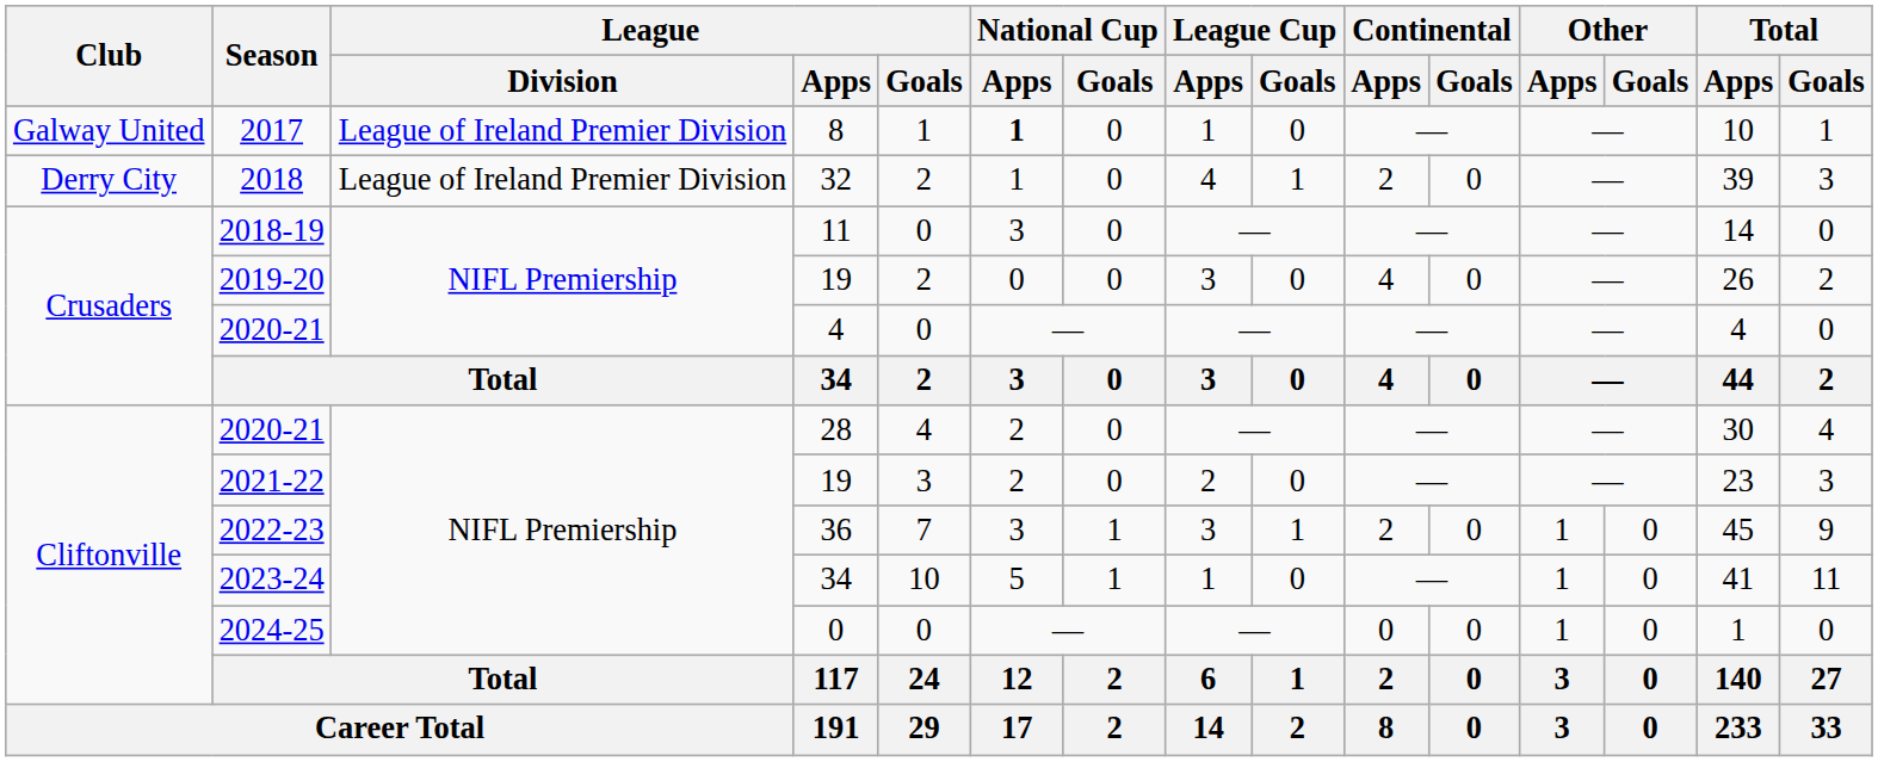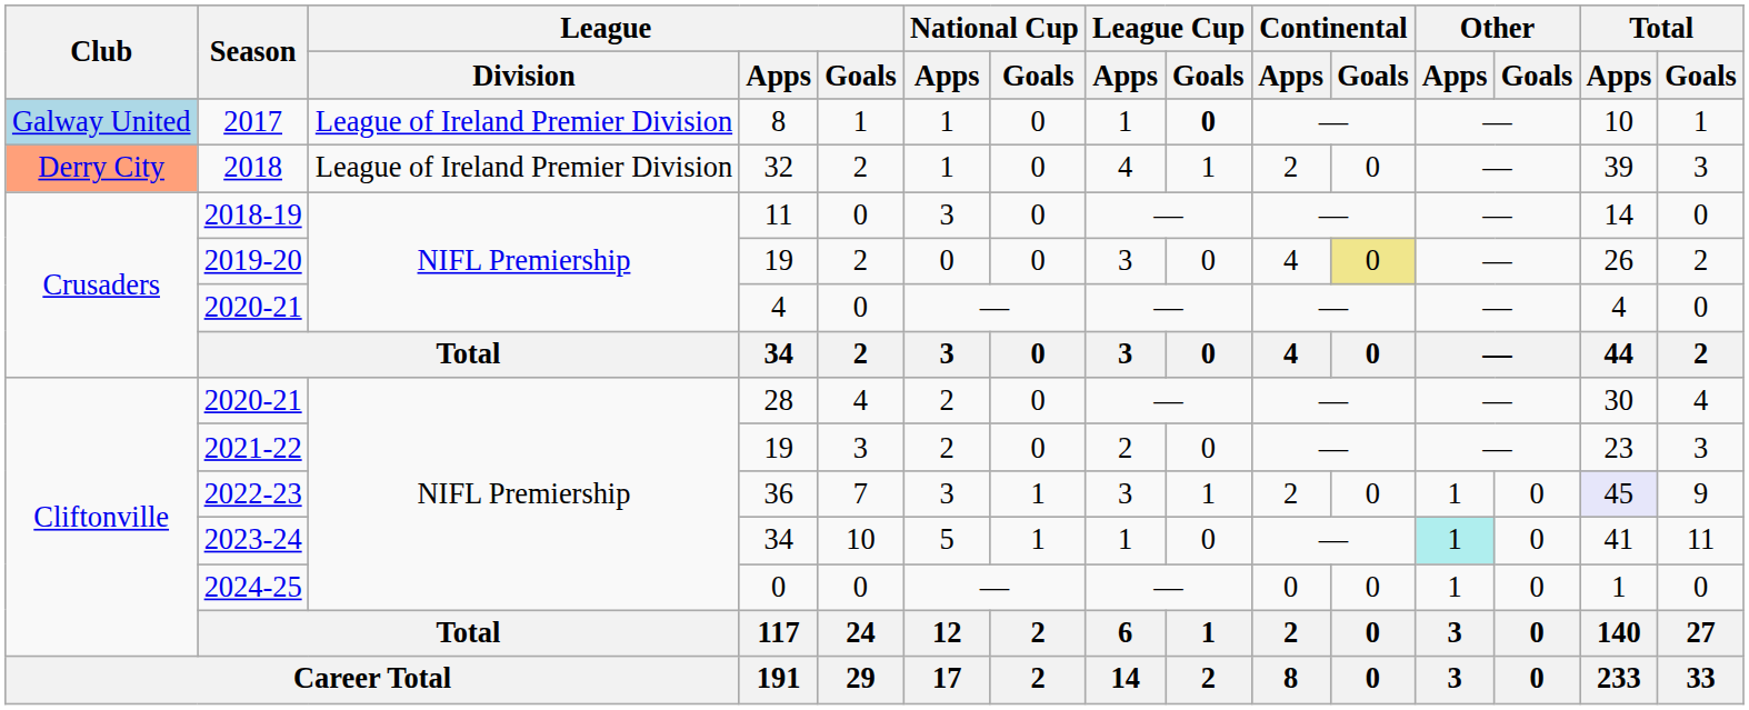 <table class="wikitable" style="text-align: center">
 <tr>
 <th rowspan="2">Club</th>
 <th rowspan="2">Season</th>
 <th colspan="3">League</th>
 <th colspan="2">National Cup</th>
 <th colspan="2">League Cup</th>
 <th colspan="2">Continental</th>
 <th colspan="2">Other</th>
 <th colspan="2">Total</th>
 </tr>
 <tr>
 <th>Division</th>
 <th>Apps</th>
 <th>Goals</th>
 <th>Apps</th>
 <th>Goals</th>
 <th>Apps</th>
 <th>Goals</th>
 <th>Apps</th>
 <th>Goals</th>
 <th>Apps</th>
 <th>Goals</th>
 <th>Apps</th>
 <th>Goals</th>
 </tr>
 <tr>
-<td><a href='#'>Galway United</a></td>
+<td style="background: lightblue;"><a href='#'>Galway United</a></td>
 <td><a href='#'>2017</a></td>
 <td><a href='#'>League of Ireland Premier Division</a></td>
 <td>8</td>
 <td>1</td>
-<td><strong>1</strong></td>
+<td>1</td>
 <td>0</td>
 <td>1</td>
-<td>0</td>
+<td><strong>0</strong></td>
 <td colspan="2">—</td>
 <td colspan="2">—</td>
 <td>10</td>
 <td>1</td>
 </tr>
 <tr>
-<td><a href='#'>Derry City</a></td>
+<td style="background: lightsalmon;"><a href='#'>Derry City</a></td>
 <td><a href='#'>2018</a></td>
 <td>League of Ireland Premier Division</td>
 <td>32</td>
 <td>2</td>
 <td>1</td>
 <td>0</td>
 <td>4</td>
 <td>1</td>
 <td>2</td>
 <td>0</td>
 <td colspan="2">—</td>
 <td>39</td>
 <td>3</td>
 </tr>
 <tr>
 <td rowspan="4"><a href='#'>Crusaders</a></td>
 <td><a href='#'>2018-19</a></td>
 <td rowspan="3"><a href='#'>NIFL Premiership</a></td>
 <td>11</td>
 <td>0</td>
 <td>3</td>
 <td>0</td>
 <td colspan="2">—</td>
 <td colspan="2">—</td>
 <td colspan="2">—</td>
 <td>14</td>
 <td>0</td>
 </tr>
 <tr>
 <td><a href='#'>2019-20</a></td>
 <td>19</td>
 <td>2</td>
 <td>0</td>
 <td>0</td>
 <td>3</td>
 <td>0</td>
 <td>4</td>
-<td>0</td>
+<td style="background: khaki;">0</td>
 <td colspan="2">—</td>
 <td>26</td>
 <td>2</td>
 </tr>
 <tr>
 <td><a href='#'>2020-21</a></td>
 <td>4</td>
 <td>0</td>
 <td colspan="2">—</td>
 <td colspan="2">—</td>
 <td colspan="2">—</td>
 <td colspan="2">—</td>
 <td>4</td>
 <td>0</td>
 </tr>
 <tr>
 <th colspan="2">Total</th>
 <th>34</th>
 <th>2</th>
 <th>3</th>
 <th>0</th>
 <th>3</th>
 <th>0</th>
 <th>4</th>
 <th>0</th>
 <th colspan="2">—</th>
 <th>44</th>
 <th>2</th>
 </tr>
 <tr>
 <td rowspan="6"><a href='#'>Cliftonville</a></td>
 <td><a href='#'>2020-21</a></td>
 <td rowspan="5">NIFL Premiership</td>
 <td>28</td>
 <td>4</td>
 <td>2</td>
 <td>0</td>
 <td colspan="2">—</td>
 <td colspan="2">—</td>
 <td colspan="2">—</td>
 <td>30</td>
 <td>4</td>
 </tr>
 <tr>
 <td><a href='#'>2021-22</a></td>
 <td>19</td>
 <td>3</td>
 <td>2</td>
 <td>0</td>
 <td>2</td>
 <td>0</td>
 <td colspan="2">—</td>
 <td colspan="2">—</td>
 <td>23</td>
 <td>3</td>
 </tr>
 <tr>
 <td><a href='#'>2022-23</a></td>
 <td>36</td>
 <td>7</td>
 <td>3</td>
 <td>1</td>
 <td>3</td>
 <td>1</td>
 <td>2</td>
 <td>0</td>
 <td>1</td>
 <td>0</td>
-<td>45</td>
+<td style="background: lavender;">45</td>
 <td>9</td>
 </tr>
 <tr>
 <td><a href='#'>2023-24</a></td>
 <td>34</td>
 <td>10</td>
 <td>5</td>
 <td>1</td>
 <td>1</td>
 <td>0</td>
 <td colspan="2">—</td>
-<td>1</td>
+<td style="background: paleturquoise;">1</td>
 <td>0</td>
 <td>41</td>
 <td>11</td>
 </tr>
 <tr>
 <td><a href='#'>2024-25</a></td>
 <td>0</td>
 <td>0</td>
 <td colspan="2">—</td>
 <td colspan="2">—</td>
 <td>0</td>
 <td>0</td>
 <td>1</td>
 <td>0</td>
 <td>1</td>
 <td>0</td>
 </tr>
 <tr>
 <th colspan="2">Total</th>
 <th>117</th>
 <th>24</th>
 <th>12</th>
 <th>2</th>
 <th>6</th>
 <th>1</th>
 <th>2</th>
 <th>0</th>
 <th>3</th>
 <th>0</th>
 <th>140</th>
 <th>27</th>
 </tr>
 <tr>
 <th colspan="3">Career Total</th>
 <th>191</th>
 <th>29</th>
 <th>17</th>
 <th>2</th>
 <th>14</th>
 <th>2</th>
 <th>8</th>
 <th>0</th>
 <th>3</th>
 <th>0</th>
 <th>233</th>
 <th>33</th>
 </tr>
 </table>
